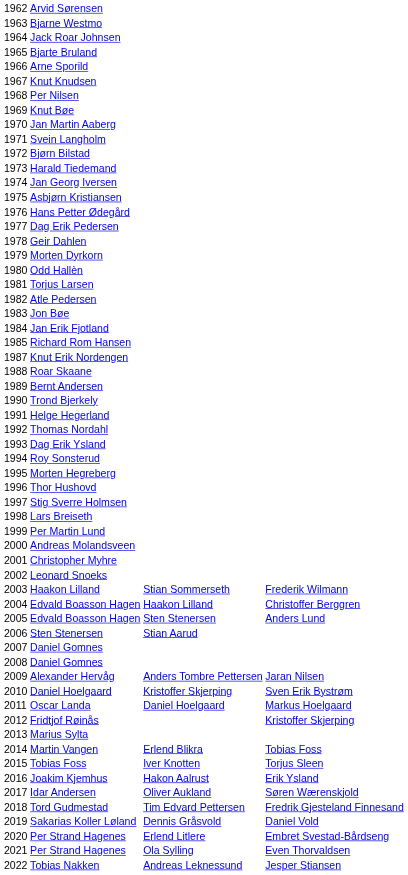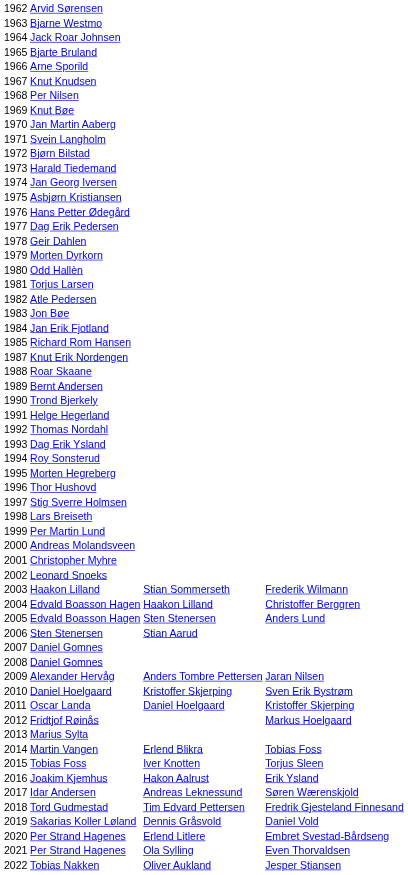 <table>
 <tr>
 <td>1962</td>
 <td><a href='#'>Arvid Sørensen</a></td>
 <td></td>
 <td></td>
 </tr>
 <tr>
 <td>1963</td>
 <td><a href='#'>Bjarne Westmo</a></td>
 <td></td>
 <td></td>
 </tr>
 <tr>
 <td>1964</td>
 <td><a href='#'>Jack Roar Johnsen</a></td>
 <td></td>
 <td></td>
 </tr>
 <tr>
 <td>1965</td>
 <td><a href='#'>Bjarte Bruland</a></td>
 <td></td>
 <td></td>
 </tr>
 <tr>
 <td>1966</td>
 <td><a href='#'>Arne Sporild</a></td>
 <td></td>
 <td></td>
 </tr>
 <tr>
 <td>1967</td>
 <td><a href='#'>Knut Knudsen</a></td>
 <td></td>
 <td></td>
 </tr>
 <tr>
 <td>1968</td>
 <td><a href='#'>Per Nilsen</a></td>
 <td></td>
 <td></td>
 </tr>
 <tr>
 <td>1969</td>
 <td><a href='#'>Knut Bøe</a></td>
 <td></td>
 <td></td>
 </tr>
 <tr>
 <td>1970</td>
 <td><a href='#'>Jan Martin Aaberg</a></td>
 <td></td>
 <td></td>
 </tr>
 <tr>
 <td>1971</td>
 <td><a href='#'>Svein Langholm</a></td>
 <td></td>
 <td></td>
 </tr>
 <tr>
 <td>1972</td>
 <td><a href='#'>Bjørn Bilstad</a></td>
 <td></td>
 <td></td>
 </tr>
 <tr>
 <td>1973</td>
 <td><a href='#'>Harald Tiedemand</a></td>
 <td></td>
 <td></td>
 </tr>
 <tr>
 <td>1974</td>
 <td><a href='#'>Jan Georg Iversen</a></td>
 <td></td>
 <td></td>
 </tr>
 <tr>
 <td>1975</td>
 <td><a href='#'>Asbjørn Kristiansen</a></td>
 <td></td>
 <td></td>
 </tr>
 <tr>
 <td>1976</td>
 <td><a href='#'>Hans Petter Ødegård</a></td>
 <td></td>
 <td></td>
 </tr>
 <tr>
 <td>1977</td>
 <td><a href='#'>Dag Erik Pedersen</a></td>
 <td></td>
 <td></td>
 </tr>
 <tr>
 <td>1978</td>
 <td><a href='#'>Geir Dahlen</a></td>
 <td></td>
 <td></td>
 </tr>
 <tr>
 <td>1979</td>
 <td><a href='#'>Morten Dyrkorn</a></td>
 <td></td>
 <td></td>
 </tr>
 <tr>
 <td>1980</td>
 <td><a href='#'>Odd Hallèn</a></td>
 <td></td>
 <td></td>
 </tr>
 <tr>
 <td>1981</td>
 <td><a href='#'>Torjus Larsen</a></td>
 <td></td>
 <td></td>
 </tr>
 <tr>
 <td>1982</td>
 <td><a href='#'>Atle Pedersen</a></td>
 <td></td>
 <td></td>
 </tr>
 <tr>
 <td>1983</td>
 <td><a href='#'>Jon Bøe</a></td>
 <td></td>
 <td></td>
 </tr>
 <tr>
 <td>1984</td>
 <td><a href='#'>Jan Erik Fjotland</a></td>
 <td></td>
 <td></td>
 </tr>
 <tr>
 <td>1985</td>
 <td><a href='#'>Richard Rom Hansen</a></td>
 <td></td>
 <td></td>
 </tr>
 <tr>
 <td>1987</td>
 <td><a href='#'>Knut Erik Nordengen</a></td>
 <td></td>
 <td></td>
 </tr>
 <tr>
 <td>1988</td>
 <td><a href='#'>Roar Skaane</a></td>
 <td></td>
 <td></td>
 </tr>
 <tr>
 <td>1989</td>
 <td><a href='#'>Bernt Andersen</a></td>
 <td></td>
 <td></td>
 </tr>
 <tr>
 <td>1990</td>
 <td><a href='#'>Trond Bjerkely</a></td>
 <td></td>
 <td></td>
 </tr>
 <tr>
 <td>1991</td>
 <td><a href='#'>Helge Hegerland</a></td>
 <td></td>
 <td></td>
 </tr>
 <tr>
 <td>1992</td>
 <td><a href='#'>Thomas Nordahl</a></td>
 <td></td>
 <td></td>
 </tr>
 <tr>
 <td>1993</td>
 <td><a href='#'>Dag Erik Ysland</a></td>
 <td></td>
 <td></td>
 </tr>
 <tr>
 <td>1994</td>
 <td><a href='#'>Roy Sonsterud</a></td>
 <td></td>
 <td></td>
 </tr>
 <tr>
 <td>1995</td>
 <td><a href='#'>Morten Hegreberg</a></td>
 <td></td>
 <td></td>
 </tr>
 <tr>
 <td>1996</td>
 <td><a href='#'>Thor Hushovd</a></td>
 <td></td>
 <td></td>
 </tr>
 <tr>
 <td>1997</td>
 <td><a href='#'>Stig Sverre Holmsen</a></td>
 <td></td>
 <td></td>
 </tr>
 <tr>
 <td>1998</td>
 <td><a href='#'>Lars Breiseth</a></td>
 <td></td>
 <td></td>
 </tr>
 <tr>
 <td>1999</td>
 <td><a href='#'>Per Martin Lund</a></td>
 <td></td>
 <td></td>
 </tr>
 <tr>
 <td>2000</td>
 <td><a href='#'>Andreas Molandsveen</a></td>
 <td></td>
 <td></td>
 </tr>
 <tr>
 <td>2001</td>
 <td><a href='#'>Christopher Myhre</a></td>
 <td></td>
 <td></td>
 </tr>
 <tr>
 <td>2002</td>
 <td><a href='#'>Leonard Snoeks</a></td>
 <td></td>
 <td></td>
 </tr>
 <tr>
 <td>2003</td>
 <td><a href='#'>Haakon Lilland</a></td>
 <td><a href='#'>Stian Sommerseth</a></td>
 <td><a href='#'>Frederik Wilmann</a></td>
 </tr>
 <tr>
 <td>2004</td>
 <td><a href='#'>Edvald Boasson Hagen</a></td>
 <td><a href='#'>Haakon Lilland</a></td>
 <td><a href='#'>Christoffer Berggren</a></td>
 </tr>
 <tr>
 <td>2005</td>
 <td><a href='#'>Edvald Boasson Hagen</a></td>
 <td><a href='#'>Sten Stenersen</a></td>
 <td><a href='#'>Anders Lund</a></td>
 </tr>
 <tr>
 <td>2006</td>
 <td><a href='#'>Sten Stenersen</a></td>
 <td><a href='#'>Stian Aarud</a></td>
 <td></td>
 </tr>
 <tr>
 <td>2007</td>
 <td><a href='#'>Daniel Gomnes</a></td>
 <td></td>
 <td></td>
 </tr>
 <tr>
 <td>2008</td>
 <td><a href='#'>Daniel Gomnes</a></td>
 <td></td>
 <td></td>
 </tr>
 <tr>
 <td>2009</td>
 <td><a href='#'>Alexander Hervåg</a></td>
 <td><a href='#'>Anders Tombre Pettersen</a></td>
 <td><a href='#'>Jaran Nilsen</a></td>
 </tr>
 <tr>
 <td>2010</td>
 <td><a href='#'>Daniel Hoelgaard</a></td>
 <td><a href='#'>Kristoffer Skjerping</a></td>
 <td><a href='#'>Sven Erik Bystrøm</a></td>
 </tr>
 <tr>
 <td>2011</td>
 <td><a href='#'>Oscar Landa</a></td>
 <td><a href='#'>Daniel Hoelgaard</a></td>
-<td><a href='#'>Markus Hoelgaard</a></td>
+<td><a href='#'>Kristoffer Skjerping</a></td>
 </tr>
 <tr>
 <td>2012</td>
 <td><a href='#'>Fridtjof Røinås</a></td>
 <td></td>
-<td><a href='#'>Kristoffer Skjerping</a></td>
+<td><a href='#'>Markus Hoelgaard</a></td>
 </tr>
 <tr>
 <td>2013</td>
 <td><a href='#'>Marius Sylta</a></td>
 <td></td>
 <td></td>
 </tr>
 <tr>
 <td>2014</td>
 <td><a href='#'>Martin Vangen</a></td>
 <td><a href='#'>Erlend Blikra</a></td>
 <td><a href='#'>Tobias Foss</a></td>
 </tr>
 <tr>
 <td>2015</td>
 <td><a href='#'>Tobias Foss</a></td>
 <td><a href='#'>Iver Knotten</a></td>
 <td><a href='#'>Torjus Sleen</a></td>
 </tr>
 <tr>
 <td>2016</td>
 <td><a href='#'>Joakim Kjemhus</a></td>
 <td><a href='#'>Hakon Aalrust</a></td>
 <td><a href='#'>Erik Ysland</a></td>
 </tr>
 <tr>
 <td>2017</td>
 <td><a href='#'>Idar Andersen</a></td>
-<td><a href='#'>Oliver Aukland</a></td>
+<td><a href='#'>Andreas Leknessund</a></td>
 <td><a href='#'>Søren Wærenskjold</a></td>
 </tr>
 <tr>
 <td>2018</td>
 <td><a href='#'>Tord Gudmestad</a></td>
 <td><a href='#'>Tim Edvard Pettersen</a></td>
 <td><a href='#'>Fredrik Gjesteland Finnesand</a></td>
 </tr>
 <tr>
 <td>2019</td>
 <td><a href='#'>Sakarias Koller Løland</a></td>
 <td><a href='#'>Dennis Gråsvold</a></td>
 <td><a href='#'>Daniel Vold</a></td>
 </tr>
 <tr>
 <td>2020</td>
 <td><a href='#'>Per Strand Hagenes</a></td>
 <td><a href='#'>Erlend Litlere</a></td>
 <td><a href='#'>Embret Svestad-Bårdseng</a></td>
 </tr>
 <tr>
 <td>2021</td>
 <td><a href='#'>Per Strand Hagenes</a></td>
 <td><a href='#'>Ola Sylling</a></td>
 <td><a href='#'>Even Thorvaldsen</a></td>
 </tr>
 <tr>
 <td>2022</td>
 <td><a href='#'>Tobias Nakken</a></td>
-<td><a href='#'>Andreas Leknessund</a></td>
+<td><a href='#'>Oliver Aukland</a></td>
 <td><a href='#'>Jesper Stiansen</a></td>
 </tr>
 </table>
